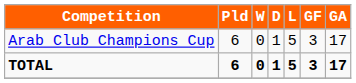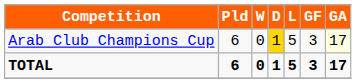 <table class="wikitable">
 <tr>
 <th style="color:white; background: #FF5F00;">Competition</th>
 <th style="color:white; background: #FF5F00;">Pld</th>
 <th style="color:white; background: #FF5F00;">W</th>
 <th style="color:white; background: #FF5F00;">D</th>
 <th style="color:white; background: #FF5F00;">L</th>
 <th style="color:white; background: #FF5F00;">GF</th>
 <th style="color:white; background: #FF5F00;">GA</th>
 </tr>
 <tr>
 <td><a href='#'>Arab Club Champions Cup</a></td>
 <td style="text-align:center;">6</td>
 <td style="text-align:center;">0</td>
-<td style="text-align:center;">1</td>
+<td style="background: gold; text-align:center;">1</td>
 <td style="text-align:center;">5</td>
 <td style="text-align:center;">3</td>
-<td style="text-align:center;">17</td>
+<td style="background: lightyellow; text-align:center;">17</td>
 </tr>
 <tr>
 <td><strong>TOTAL</strong></td>
 <td style="text-align:center;"><strong>6</strong></td>
 <td style="text-align:center;"><strong>0</strong></td>
 <td style="text-align:center;"><strong>1</strong></td>
 <td style="text-align:center;"><strong>5</strong></td>
 <td style="text-align:center;"><strong>3</strong></td>
 <td style="text-align:center;"><strong>17</strong></td>
 </tr>
 <tr>
 </tr>
 </table>
